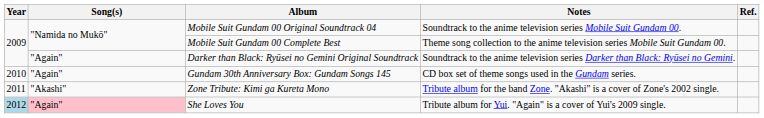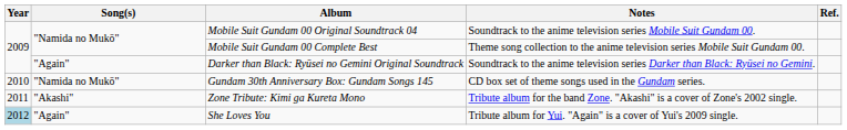 <table class="wikitable" border="1">
 <tr>
 <th rowspan="1">Year</th>
 <th rowspan="1" width="250">Song(s)</th>
 <th rowspan="1">Album</th>
 <th rowspan="1">Notes</th>
 <th rowspan="1">Ref.</th>
 </tr>
 <tr>
 <td rowspan="3">2009</td>
 <td rowspan="2">"Namida no Mukō"</td>
 <td><em>Mobile Suit Gundam 00 Original Soundtrack 04</em></td>
 <td>Soundtrack to the anime television series <em><a href='#'>Mobile Suit Gundam 00</a></em>.</td>
 <td align="center"></td>
 </tr>
 <tr>
 <td><em>Mobile Suit Gundam 00 Complete Best</em></td>
 <td>Theme song collection to the anime television series <em>Mobile Suit Gundam 00</em>.</td>
 <td align="center"></td>
 </tr>
 <tr>
 <td>"Again"</td>
 <td><em>Darker than Black: Ryūsei no Gemini Original Soundtrack</em></td>
 <td>Soundtrack to the anime television series <em><a href='#'>Darker than Black: Ryūsei no Gemini</a></em>.</td>
 <td align="center"></td>
 </tr>
 <tr>
 <td>2010</td>
-<td>"Again"</td>
+<td>"Namida no Mukō"</td>
 <td><em>Gundam 30th Anniversary Box: Gundam Songs 145</em></td>
 <td>CD box set of theme songs used in the <em><a href='#'>Gundam</a></em> series.</td>
 <td align="center"></td>
 </tr>
 <tr>
 <td rowspan="1">2011</td>
 <td>"Akashi"</td>
 <td><em>Zone Tribute: Kimi ga Kureta Mono</em></td>
 <td><a href='#'>Tribute album</a> for the band <a href='#'>Zone</a>. "Akashi" is a cover of Zone's 2002 single.</td>
 <td align="center"></td>
 </tr>
 <tr>
 <td style="background: lightblue;">2012</td>
-<td style="background: pink;">"Again"</td>
+<td>"Again"</td>
 <td><em>She Loves You</em></td>
 <td>Tribute album for <a href='#'>Yui</a>. "Again" is a cover of Yui's 2009 single.</td>
 <td align="center"></td>
 </tr>
 </table>
